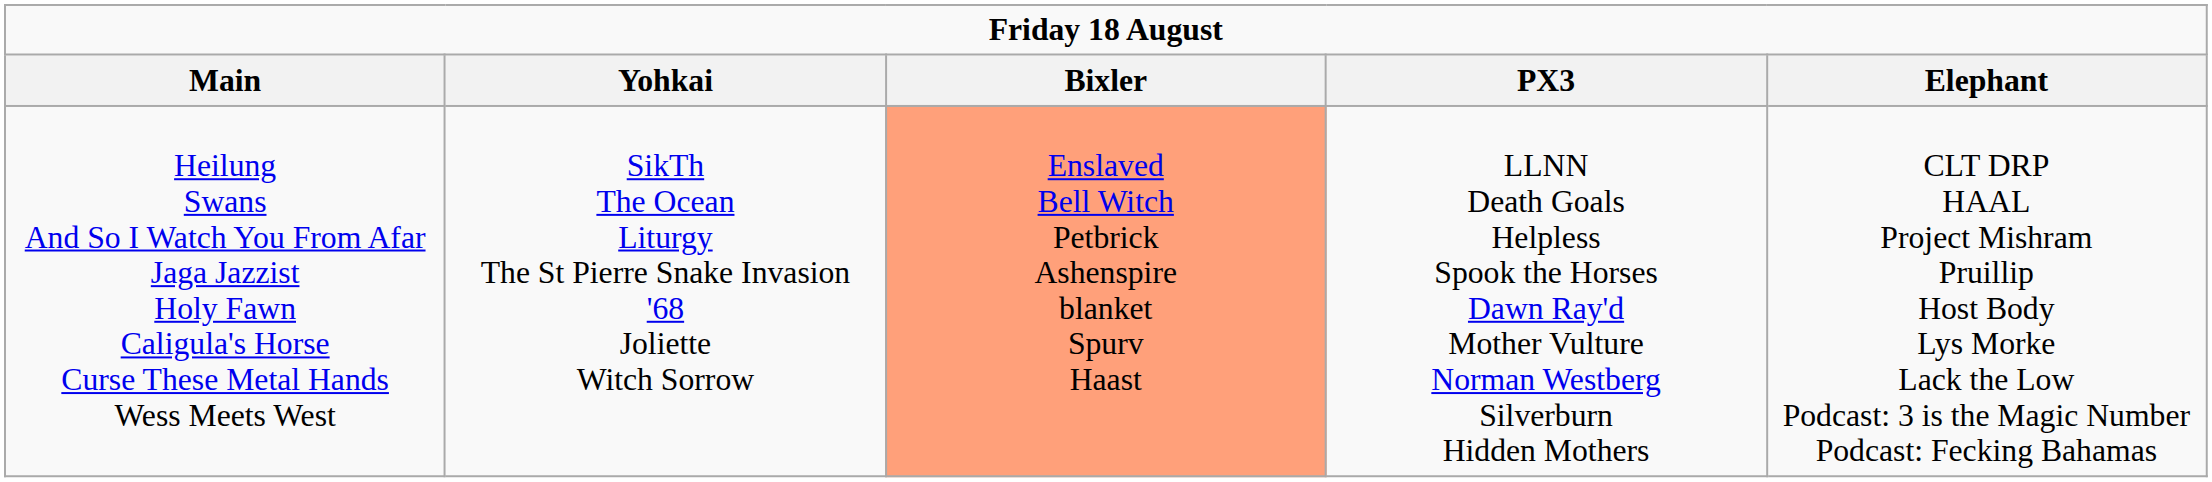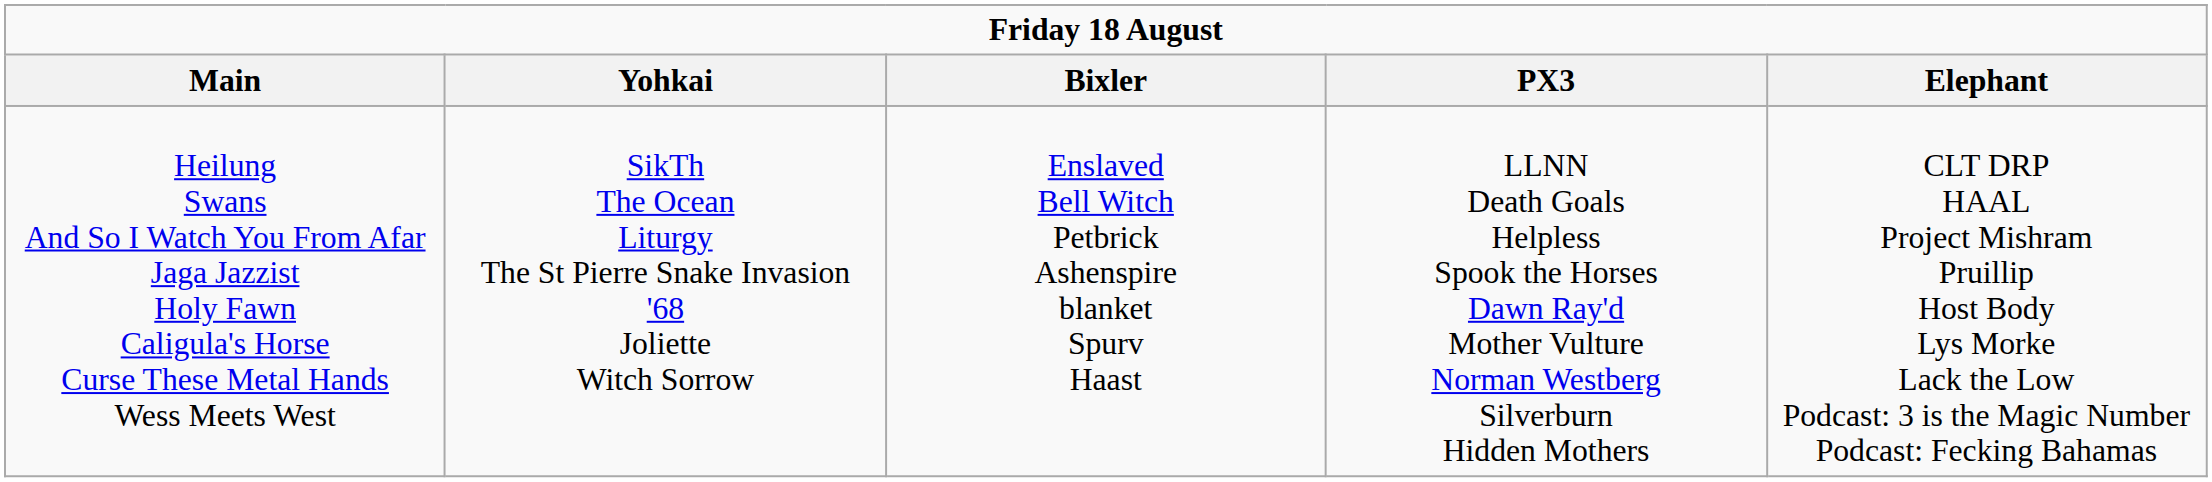 <table class="wikitable">
 <tr>
 <td colspan="5" style="text-align:center;"><strong>Friday 18 August</strong></td>
 </tr>
 <tr>
 <th>Main</th>
 <th>Yohkai</th>
 <th>Bixler</th>
 <th>PX3</th>
 <th>Elephant</th>
 </tr>
 <tr>
 <td style="text-align:center; vertical-align:top; width:215px;"><br><a href='#'>Heilung</a><br> <a href='#'>Swans</a><br> <a href='#'>And So I Watch You From Afar</a><br> <a href='#'>Jaga Jazzist</a><br> <a href='#'>Holy Fawn</a><br> <a href='#'>Caligula's Horse</a><br> <a href='#'>Curse These Metal Hands</a><br> Wess Meets West<br></td>
 <td style="text-align:center; vertical-align:top; width:215px;"><br><a href='#'>SikTh</a><br> <a href='#'>The Ocean</a><br> <a href='#'>Liturgy</a><br> The St Pierre Snake Invasion<br> <a href='#'>'68</a><br> Joliette<br> Witch Sorrow<br></td>
-<td style="background: lightsalmon; text-align:center; vertical-align:top; width:215px;"><br><a href='#'>Enslaved</a><br> <a href='#'>Bell Witch</a><br> Petbrick<br> Ashenspire<br> blanket<br> Spurv<br> Haast<br></td>
+<td style="text-align:center; vertical-align:top; width:215px;"><br><a href='#'>Enslaved</a><br> <a href='#'>Bell Witch</a><br> Petbrick<br> Ashenspire<br> blanket<br> Spurv<br> Haast<br></td>
 <td style="text-align:center; vertical-align:top; width:215px;"><br>LLNN<br> Death Goals<br> Helpless<br> Spook the Horses<br> <a href='#'>Dawn Ray'd</a><br> Mother Vulture<br> <a href='#'>Norman Westberg</a><br> Silverburn<br> Hidden Mothers<br></td>
 <td style="text-align:center; vertical-align:top; width:215px;"><br>CLT DRP<br> HAAL<br> Project Mishram<br> Pruillip<br> Host Body<br> Lys Morke<br> Lack the Low<br> Podcast: 3 is the Magic Number<br> Podcast: Fecking Bahamas<br></td>
 </tr>
 </table>
